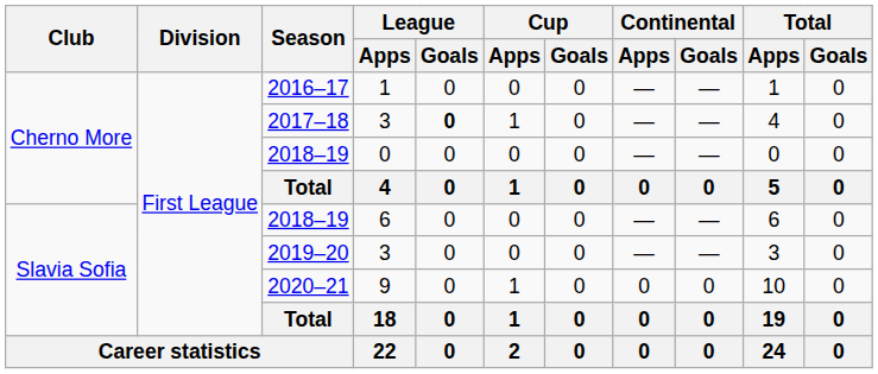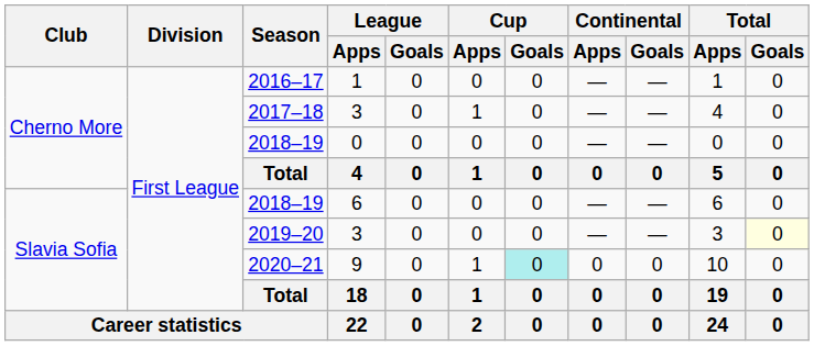 <table class="wikitable" style="font-size:90%; text-align: center">
 <tr>
 <th rowspan=2>Club</th>
 <th rowspan=2>Division</th>
 <th rowspan=2>Season</th>
 <th colspan=2>League</th>
 <th colspan=2>Cup</th>
 <th colspan=2>Continental</th>
 <th colspan=2>Total</th>
 </tr>
 <tr>
 <th>Apps</th>
 <th>Goals</th>
 <th>Apps</th>
 <th>Goals</th>
 <th>Apps</th>
 <th>Goals</th>
 <th>Apps</th>
 <th>Goals</th>
 </tr>
 <tr>
 <td rowspan=4><a href='#'>Cherno More</a></td>
 <td rowspan=8><a href='#'>First League</a></td>
 <td><a href='#'>2016–17</a></td>
 <td>1</td>
 <td>0</td>
 <td>0</td>
 <td>0</td>
 <td>—</td>
 <td>—</td>
 <td>1</td>
 <td>0</td>
 </tr>
 <tr>
 <td><a href='#'>2017–18</a></td>
 <td>3</td>
-<td><strong>0</strong></td>
+<td>0</td>
 <td>1</td>
 <td>0</td>
 <td>—</td>
 <td>—</td>
 <td>4</td>
 <td>0</td>
 </tr>
 <tr>
 <td><a href='#'>2018–19</a></td>
 <td>0</td>
 <td>0</td>
 <td>0</td>
 <td>0</td>
 <td>—</td>
 <td>—</td>
 <td>0</td>
 <td>0</td>
 </tr>
 <tr>
 <th>Total</th>
 <th>4</th>
 <th>0</th>
 <th>1</th>
 <th>0</th>
 <th>0</th>
 <th>0</th>
 <th>5</th>
 <th>0</th>
 </tr>
 <tr>
 <td rowspan=4><a href='#'>Slavia Sofia</a></td>
 <td><a href='#'>2018–19</a></td>
 <td>6</td>
 <td>0</td>
 <td>0</td>
 <td>0</td>
 <td>—</td>
 <td>—</td>
 <td>6</td>
 <td>0</td>
 </tr>
 <tr>
 <td><a href='#'>2019–20</a></td>
 <td>3</td>
 <td>0</td>
 <td>0</td>
 <td>0</td>
 <td>—</td>
 <td>—</td>
 <td>3</td>
-<td>0</td>
+<td style="background: lightyellow;">0</td>
 </tr>
 <tr>
 <td><a href='#'>2020–21</a></td>
 <td>9</td>
 <td>0</td>
 <td>1</td>
-<td>0</td>
+<td style="background: paleturquoise;">0</td>
 <td>0</td>
 <td>0</td>
 <td>10</td>
 <td>0</td>
 </tr>
 <tr>
 <th>Total</th>
 <th>18</th>
 <th>0</th>
 <th>1</th>
 <th>0</th>
 <th>0</th>
 <th>0</th>
 <th>19</th>
 <th>0</th>
 </tr>
 <tr>
 <th colspan="3">Career statistics</th>
 <th>22</th>
 <th>0</th>
 <th>2</th>
 <th>0</th>
 <th>0</th>
 <th>0</th>
 <th>24</th>
 <th>0</th>
 </tr>
 </table>
